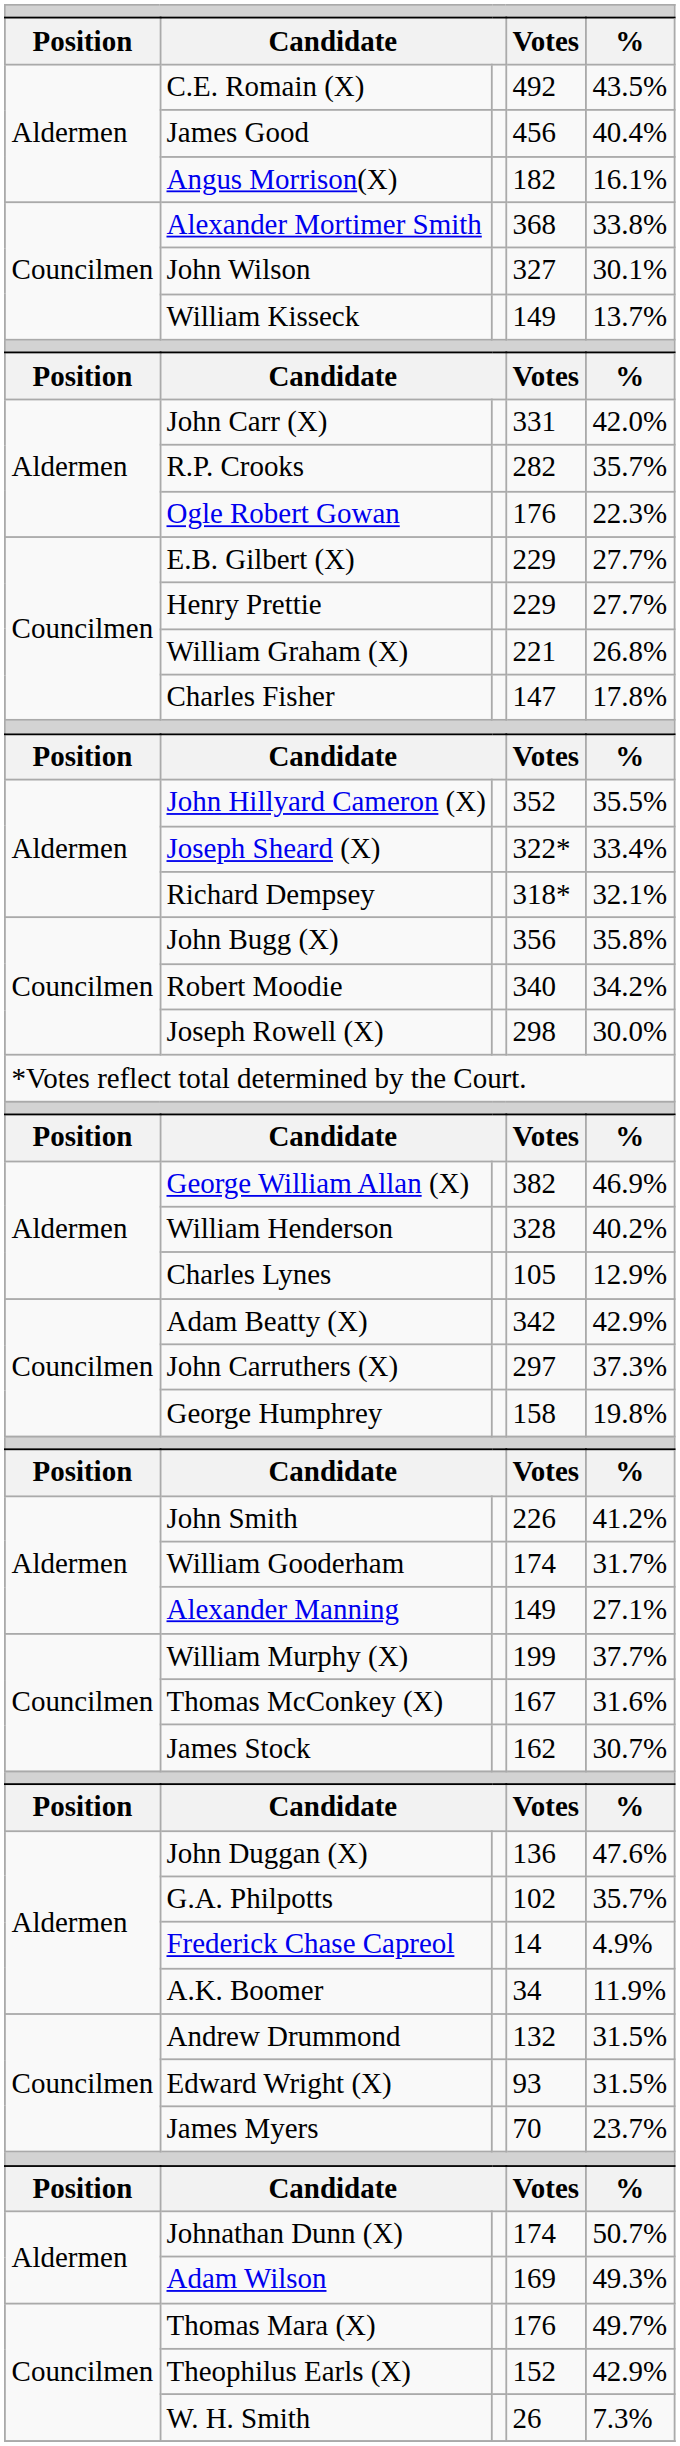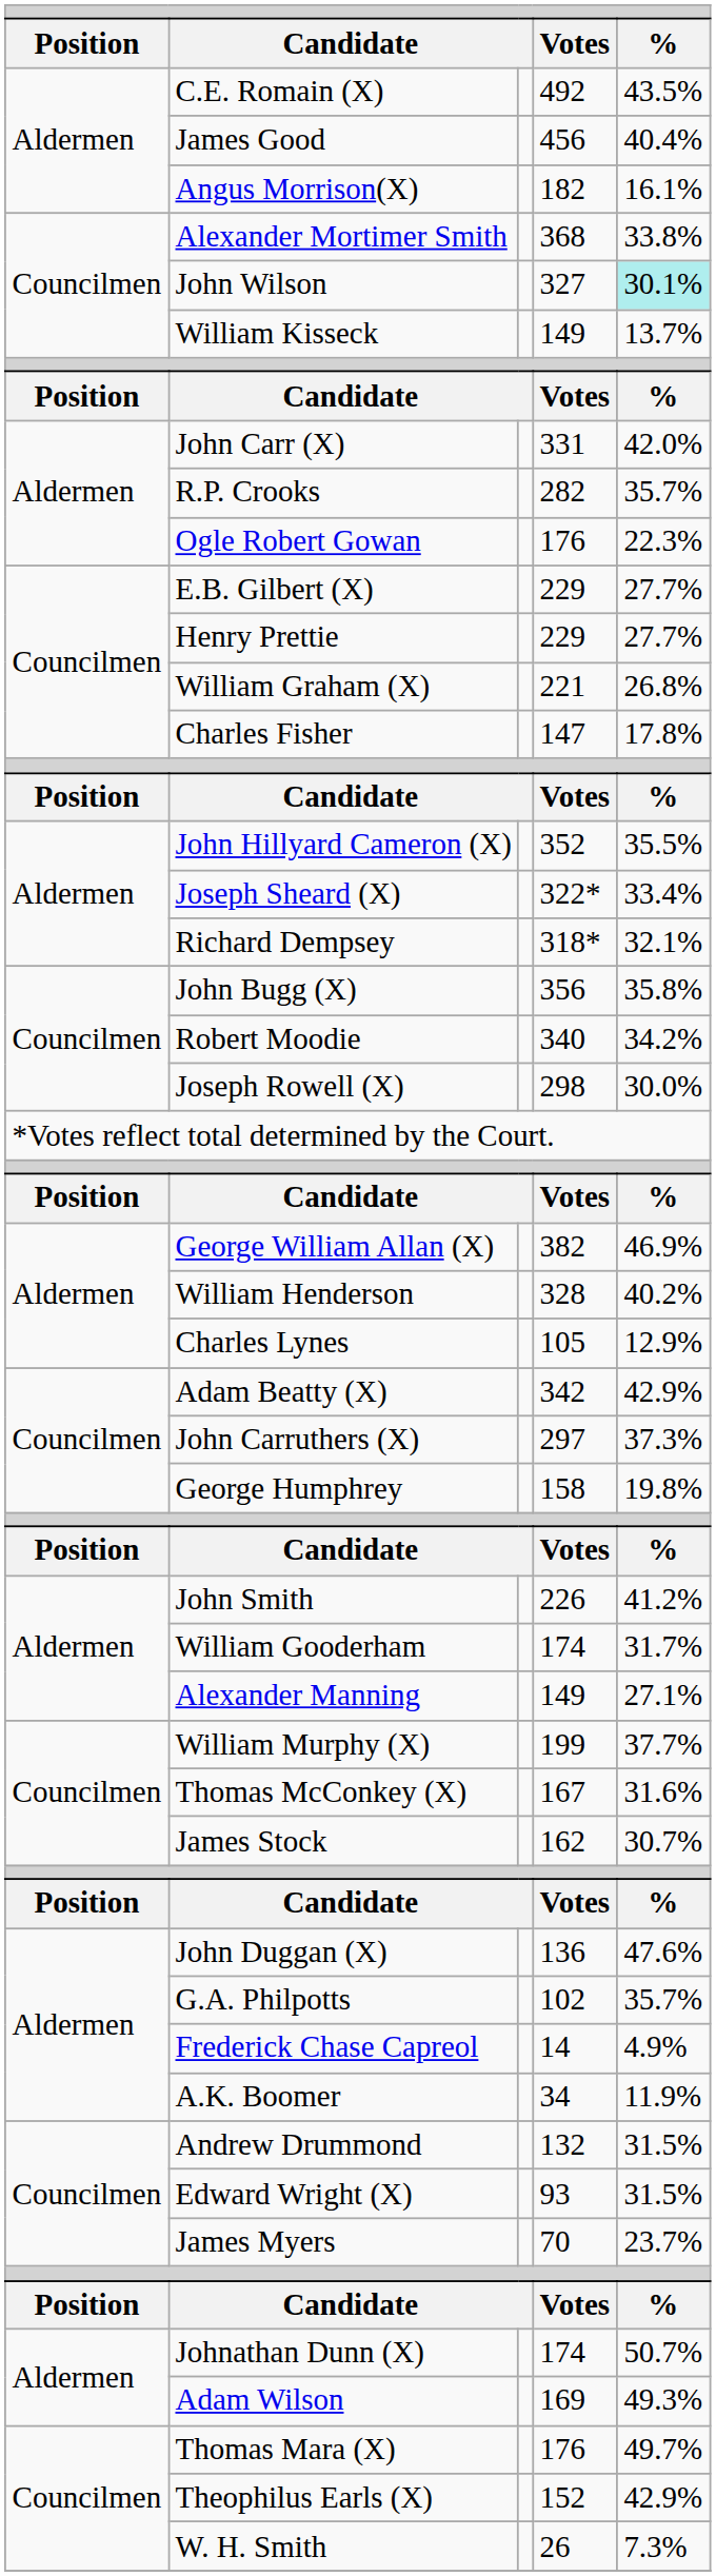 <table class=wikitable>
 <tr>
 <td colspan="7" style="border-bottom:1px solid black;background:lightgrey;"></td>
 </tr>
 <tr>
 <th>Position</th>
 <th colspan="2">Candidate</th>
 <th>Votes</th>
 <th>%</th>
 </tr>
 <tr>
 <td rowspan=3>Aldermen</td>
 <td>C.E. Romain (X)</td>
 <td></td>
 <td>492</td>
 <td>43.5%</td>
 </tr>
 <tr>
 <td>James Good</td>
 <td></td>
 <td>456</td>
 <td>40.4%</td>
 </tr>
 <tr>
 <td><a href='#'>Angus Morrison</a>(X)</td>
 <td></td>
 <td>182</td>
 <td>16.1%</td>
 </tr>
 <tr>
 <td rowspan=3>Councilmen</td>
 <td><a href='#'>Alexander Mortimer Smith</a></td>
 <td></td>
 <td>368</td>
 <td>33.8%</td>
 </tr>
 <tr>
 <td>John Wilson</td>
 <td></td>
 <td>327</td>
-<td>30.1%</td>
+<td style="background: paleturquoise;">30.1%</td>
 </tr>
 <tr>
 <td>William Kisseck</td>
 <td></td>
 <td>149</td>
 <td>13.7%</td>
 </tr>
 <tr>
 <td colspan="7" style="border-bottom:1px solid black;background:lightgrey;"></td>
 </tr>
 <tr>
 <th>Position</th>
 <th colspan="2">Candidate</th>
 <th>Votes</th>
 <th>%</th>
 </tr>
 <tr>
 <td rowspan=3>Aldermen</td>
 <td>John Carr (X)</td>
 <td></td>
 <td>331</td>
 <td>42.0%</td>
 </tr>
 <tr>
 <td>R.P. Crooks</td>
 <td></td>
 <td>282</td>
 <td>35.7%</td>
 </tr>
 <tr>
 <td><a href='#'>Ogle Robert Gowan</a></td>
 <td></td>
 <td>176</td>
 <td>22.3%</td>
 </tr>
 <tr>
 <td rowspan=4>Councilmen</td>
 <td>E.B. Gilbert (X)</td>
 <td></td>
 <td>229</td>
 <td>27.7%</td>
 </tr>
 <tr>
 <td>Henry Prettie</td>
 <td></td>
 <td>229</td>
 <td>27.7%</td>
 </tr>
 <tr>
 <td>William Graham (X)</td>
 <td></td>
 <td>221</td>
 <td>26.8%</td>
 </tr>
 <tr>
 <td>Charles Fisher</td>
 <td></td>
 <td>147</td>
 <td>17.8%</td>
 </tr>
 <tr>
 <td colspan="7" style="border-bottom:1px solid black;background:lightgrey;"></td>
 </tr>
 <tr>
 <th>Position</th>
 <th colspan="2">Candidate</th>
 <th>Votes</th>
 <th>%</th>
 </tr>
 <tr>
 <td rowspan=3>Aldermen</td>
 <td><a href='#'>John Hillyard Cameron</a> (X)</td>
 <td></td>
 <td>352</td>
 <td>35.5%</td>
 </tr>
 <tr>
 <td><a href='#'>Joseph Sheard</a> (X)</td>
 <td></td>
 <td>322*</td>
 <td>33.4%</td>
 </tr>
 <tr>
 <td>Richard Dempsey</td>
 <td></td>
 <td>318*</td>
 <td>32.1%</td>
 </tr>
 <tr>
 <td rowspan=3>Councilmen</td>
 <td>John Bugg (X)</td>
 <td></td>
 <td>356</td>
 <td>35.8%</td>
 </tr>
 <tr>
 <td>Robert Moodie</td>
 <td></td>
 <td>340</td>
 <td>34.2%</td>
 </tr>
 <tr>
 <td>Joseph Rowell (X)</td>
 <td></td>
 <td>298</td>
 <td>30.0%</td>
 </tr>
 <tr>
 <td colspan=6>*Votes reflect total determined by the Court.</td>
 </tr>
 <tr>
 <td colspan="7" style="border-bottom:1px solid black;background:lightgrey;"></td>
 </tr>
 <tr>
 <th>Position</th>
 <th colspan="2">Candidate</th>
 <th>Votes</th>
 <th>%</th>
 </tr>
 <tr>
 <td rowspan=3>Aldermen</td>
 <td><a href='#'>George William Allan</a> (X)</td>
 <td></td>
 <td>382</td>
 <td>46.9%</td>
 </tr>
 <tr>
 <td>William Henderson</td>
 <td></td>
 <td>328</td>
 <td>40.2%</td>
 </tr>
 <tr>
 <td>Charles Lynes</td>
 <td></td>
 <td>105</td>
 <td>12.9%</td>
 </tr>
 <tr>
 <td rowspan=3>Councilmen</td>
 <td>Adam Beatty (X)</td>
 <td></td>
 <td>342</td>
 <td>42.9%</td>
 </tr>
 <tr>
 <td>John Carruthers (X)</td>
 <td></td>
 <td>297</td>
 <td>37.3%</td>
 </tr>
 <tr>
 <td>George Humphrey</td>
 <td></td>
 <td>158</td>
 <td>19.8%</td>
 </tr>
 <tr>
 <td colspan="7" style="border-bottom:1px solid black;background:lightgrey;"></td>
 </tr>
 <tr>
 <th>Position</th>
 <th colspan="2">Candidate</th>
 <th>Votes</th>
 <th>%</th>
 </tr>
 <tr>
 <td rowspan=3>Aldermen</td>
 <td>John Smith</td>
 <td></td>
 <td>226</td>
 <td>41.2%</td>
 </tr>
 <tr>
 <td>William Gooderham</td>
 <td></td>
 <td>174</td>
 <td>31.7%</td>
 </tr>
 <tr>
 <td><a href='#'>Alexander Manning</a></td>
 <td></td>
 <td>149</td>
 <td>27.1%</td>
 </tr>
 <tr>
 <td rowspan=3>Councilmen</td>
 <td>William Murphy (X)</td>
 <td></td>
 <td>199</td>
 <td>37.7%</td>
 </tr>
 <tr>
 <td>Thomas McConkey (X)</td>
 <td></td>
 <td>167</td>
 <td>31.6%</td>
 </tr>
 <tr>
 <td>James Stock</td>
 <td></td>
 <td>162</td>
 <td>30.7%</td>
 </tr>
 <tr>
 <td colspan="7" style="border-bottom:1px solid black;background:lightgrey;"></td>
 </tr>
 <tr>
 <th>Position</th>
 <th colspan="2">Candidate</th>
 <th>Votes</th>
 <th>%</th>
 </tr>
 <tr>
 <td rowspan=4>Aldermen</td>
 <td>John Duggan (X)</td>
 <td></td>
 <td>136</td>
 <td>47.6%</td>
 </tr>
 <tr>
 <td>G.A. Philpotts</td>
 <td></td>
 <td>102</td>
 <td>35.7%</td>
 </tr>
 <tr>
 <td><a href='#'>Frederick Chase Capreol</a></td>
 <td></td>
 <td>14</td>
 <td>4.9%</td>
 </tr>
 <tr>
 <td>A.K. Boomer</td>
 <td></td>
 <td>34</td>
 <td>11.9%</td>
 </tr>
 <tr>
 <td rowspan=3>Councilmen</td>
 <td>Andrew Drummond</td>
 <td></td>
 <td>132</td>
 <td>31.5%</td>
 </tr>
 <tr>
 <td>Edward Wright (X)</td>
 <td></td>
 <td>93</td>
 <td>31.5%</td>
 </tr>
 <tr>
 <td>James Myers</td>
 <td></td>
 <td>70</td>
 <td>23.7%</td>
 </tr>
 <tr>
 <td colspan="7" style="border-bottom:1px solid black;background:lightgrey;"></td>
 </tr>
 <tr>
 <th>Position</th>
 <th colspan="2">Candidate</th>
 <th>Votes</th>
 <th>%</th>
 </tr>
 <tr>
 <td rowspan=2>Aldermen</td>
 <td>Johnathan Dunn (X)</td>
 <td></td>
 <td>174</td>
 <td>50.7%</td>
 </tr>
 <tr>
 <td><a href='#'>Adam Wilson</a></td>
 <td></td>
 <td>169</td>
 <td>49.3%</td>
 </tr>
 <tr>
 <td rowspan=3>Councilmen</td>
 <td>Thomas Mara (X)</td>
 <td></td>
 <td>176</td>
 <td>49.7%</td>
 </tr>
 <tr>
 <td>Theophilus Earls (X)</td>
 <td></td>
 <td>152</td>
 <td>42.9%</td>
 </tr>
 <tr>
 <td>W. H. Smith</td>
 <td></td>
 <td>26</td>
 <td>7.3%</td>
 </tr>
 <tr>
 </tr>
 </table>
